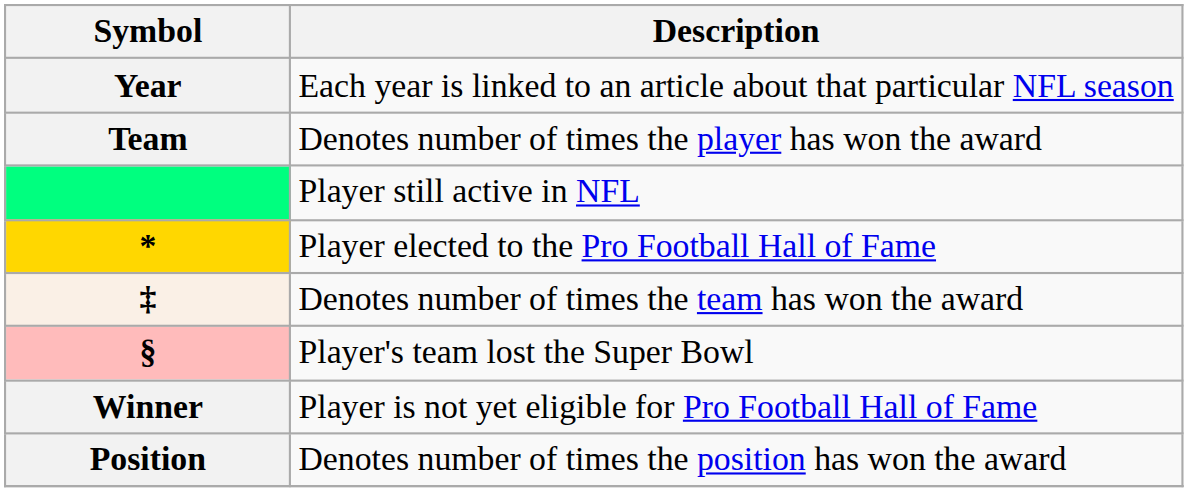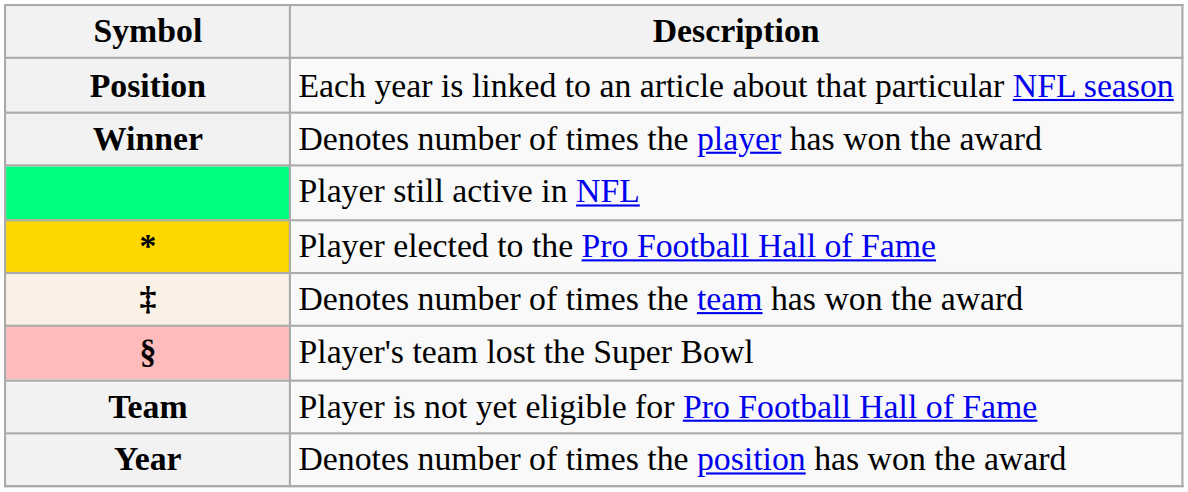 <table class="wikitable plainrowheaders">
 <tr>
 <th style="width:8em;">Symbol</th>
 <th>Description</th>
 </tr>
 <tr>
-<th scope="row" style="text-align:center;"><strong>Year</strong></th>
+<th scope="row" style="text-align:center;"><strong>Position</strong> </th>
 <td>Each year is linked to an article about that particular <a href='#'>NFL season</a></td>
 </tr>
 <tr>
-<th scope="row" style="text-align:center;"><strong>Team</strong> </th>
+<th scope="row" style="text-align:center;"><strong>Winner</strong> </th>
 <td>Denotes number of times the <a href='#'>player</a> has won the award</td>
 </tr>
 <tr>
 <th scope="row" style="text-align:center; background:#00ff7f;"></th>
 <td>Player still active in <a href='#'>NFL</a></td>
 </tr>
 <tr>
 <th scope="row" style="text-align:center; background:#FFD700;">*</th>
 <td>Player elected to the <a href='#'>Pro Football Hall of Fame</a></td>
 </tr>
 <tr>
 <th scope="row" style="text-align:center; background:#FAF0E6;">‡</th>
 <td>Denotes number of times the <a href='#'>team</a> has won the award</td>
 </tr>
 <tr>
 <th scope="row" style="text-align:center; background:#FFBBBB;">§</th>
 <td>Player's team lost the Super Bowl</td>
 </tr>
 <tr>
-<th scope="row" style="text-align:center;"><strong>Winner</strong> </th>
+<th scope="row" style="text-align:center;"><strong>Team</strong> </th>
 <td>Player is not yet eligible for <a href='#'>Pro Football Hall of Fame</a></td>
 </tr>
 <tr>
-<th scope="row" style="text-align:center;"><strong>Position</strong> </th>
+<th scope="row" style="text-align:center;"><strong>Year</strong></th>
 <td>Denotes number of times the <a href='#'>position</a> has won the award</td>
 </tr>
 <tr>
 </tr>
 </table>
